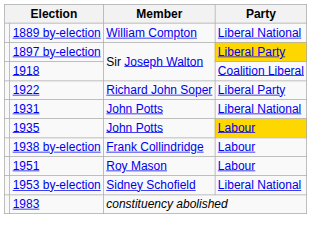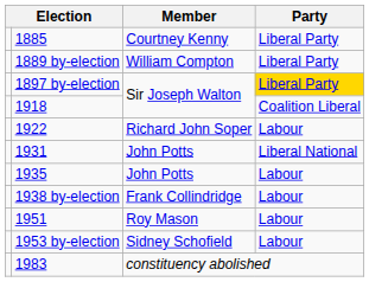 <table class="wikitable">
 <tr>
 <th colspan="2">Election</th>
 <th>Member</th>
 <th>Party</th>
 </tr>
 <tr>
 <td style="color:inherit;background-color: "></td>
+<td><a href='#'>1885</a></td>
+<td><a href='#'>Courtney Kenny</a></td>
+<td><a href='#'>Liberal Party</a></td>
+</tr>
+<tr>
+<td style="color:inherit;background-color: "></td>
 <td><a href='#'>1889 by-election</a></td>
 <td><a href='#'>William Compton</a></td>
-<td><a href='#'>Liberal National</a></td>
+<td><a href='#'>Liberal Party</a></td>
 </tr>
 <tr>
 <td style="color:inherit;background-color: "></td>
 <td><a href='#'>1897 by-election</a></td>
 <td rowspan="2">Sir <a href='#'>Joseph Walton</a></td>
 <td style="background: gold;"><a href='#'>Liberal Party</a></td>
 </tr>
 <tr>
 <td style="color:inherit;background-color: "></td>
 <td><a href='#'>1918</a></td>
 <td><a href='#'>Coalition Liberal</a></td>
 </tr>
 <tr>
 <td style="color:inherit;background-color: "></td>
 <td><a href='#'>1922</a></td>
 <td><a href='#'>Richard John Soper</a></td>
-<td><a href='#'>Liberal Party</a></td>
+<td><a href='#'>Labour</a></td>
 </tr>
 <tr>
 <td style="color:inherit;background-color: "></td>
 <td><a href='#'>1931</a></td>
 <td><a href='#'>John Potts</a></td>
 <td><a href='#'>Liberal National</a></td>
 </tr>
 <tr>
 <td style="color:inherit;background-color: "></td>
 <td><a href='#'>1935</a></td>
 <td><a href='#'>John Potts</a></td>
-<td style="background: gold;"><a href='#'>Labour</a></td>
+<td><a href='#'>Labour</a></td>
 </tr>
 <tr>
 <td style="color:inherit;background-color: "></td>
 <td><a href='#'>1938 by-election</a></td>
 <td><a href='#'>Frank Collindridge</a></td>
 <td><a href='#'>Labour</a></td>
 </tr>
 <tr>
 <td style="color:inherit;background-color: "></td>
 <td><a href='#'>1951</a></td>
 <td><a href='#'>Roy Mason</a></td>
 <td><a href='#'>Labour</a></td>
 </tr>
 <tr>
 <td style="color:inherit;background-color: "></td>
 <td><a href='#'>1953 by-election</a></td>
 <td><a href='#'>Sidney Schofield</a></td>
-<td><a href='#'>Liberal National</a></td>
+<td><a href='#'>Labour</a></td>
 </tr>
 <tr>
 <td></td>
 <td><a href='#'>1983</a></td>
 <td colspan="2"><em>constituency abolished</em></td>
 </tr>
 </table>
